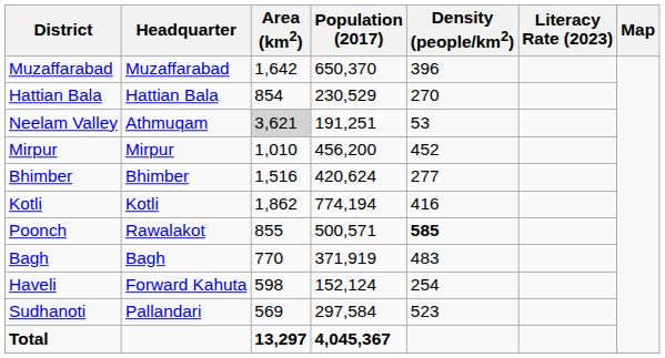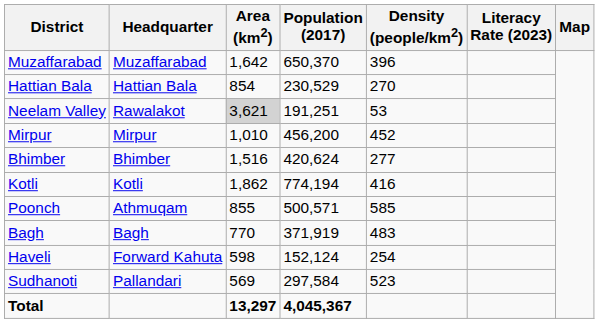 <table class="wikitable sortable static-row-numbers static-row-header-hash">
 <tr>
 <th>District</th>
 <th>Headquarter</th>
 <th>Area<br>(km<sup>2</sup>)</th>
 <th>Population<br>(2017)</th>
 <th>Density<br>(people/km<sup>2</sup>)</th>
 <th>Literacy<br>Rate (2023)</th>
 <th>Map</th>
 </tr>
 <tr>
 <td><a href='#'>Muzaffarabad</a></td>
 <td><a href='#'>Muzaffarabad</a></td>
 <td>1,642</td>
 <td>650,370</td>
 <td>396</td>
 <td></td>
 <td rowspan="11"></td>
 </tr>
 <tr>
 <td><a href='#'>Hattian Bala</a></td>
 <td><a href='#'>Hattian Bala</a></td>
 <td>854</td>
 <td>230,529</td>
 <td>270</td>
 <td></td>
 </tr>
 <tr>
 <td><a href='#'>Neelam Valley</a></td>
-<td><a href='#'>Athmuqam</a></td>
+<td><a href='#'>Rawalakot</a></td>
 <td style="background: lightgrey;">3,621</td>
 <td>191,251</td>
 <td>53</td>
 <td></td>
 </tr>
 <tr>
 <td><a href='#'>Mirpur</a></td>
 <td><a href='#'>Mirpur</a></td>
 <td>1,010</td>
 <td>456,200</td>
 <td>452</td>
 <td></td>
 </tr>
 <tr>
 <td><a href='#'>Bhimber</a></td>
 <td><a href='#'>Bhimber</a></td>
 <td>1,516</td>
 <td>420,624</td>
 <td>277</td>
 <td></td>
 </tr>
 <tr>
 <td><a href='#'>Kotli</a></td>
 <td><a href='#'>Kotli</a></td>
 <td>1,862</td>
 <td>774,194</td>
 <td>416</td>
 <td></td>
 </tr>
 <tr>
 <td><a href='#'>Poonch</a></td>
-<td><a href='#'>Rawalakot</a></td>
+<td><a href='#'>Athmuqam</a></td>
 <td>855</td>
 <td>500,571</td>
-<td><strong>585</strong></td>
+<td>585</td>
 <td></td>
 </tr>
 <tr>
 <td><a href='#'>Bagh</a></td>
 <td><a href='#'>Bagh</a></td>
 <td>770</td>
 <td>371,919</td>
 <td>483</td>
 <td></td>
 </tr>
 <tr>
 <td><a href='#'>Haveli</a></td>
 <td><a href='#'>Forward Kahuta</a></td>
 <td>598</td>
 <td>152,124</td>
 <td>254</td>
 <td></td>
 </tr>
 <tr>
 <td><a href='#'>Sudhanoti</a></td>
 <td><a href='#'>Pallandari</a></td>
 <td>569</td>
 <td>297,584</td>
 <td>523</td>
 <td></td>
 </tr>
 <tr>
 <td><strong>Total</strong></td>
 <td></td>
 <td><strong>13,297</strong></td>
 <td><strong>4,045,367</strong></td>
 <td></td>
 <td></td>
 </tr>
 </table>
